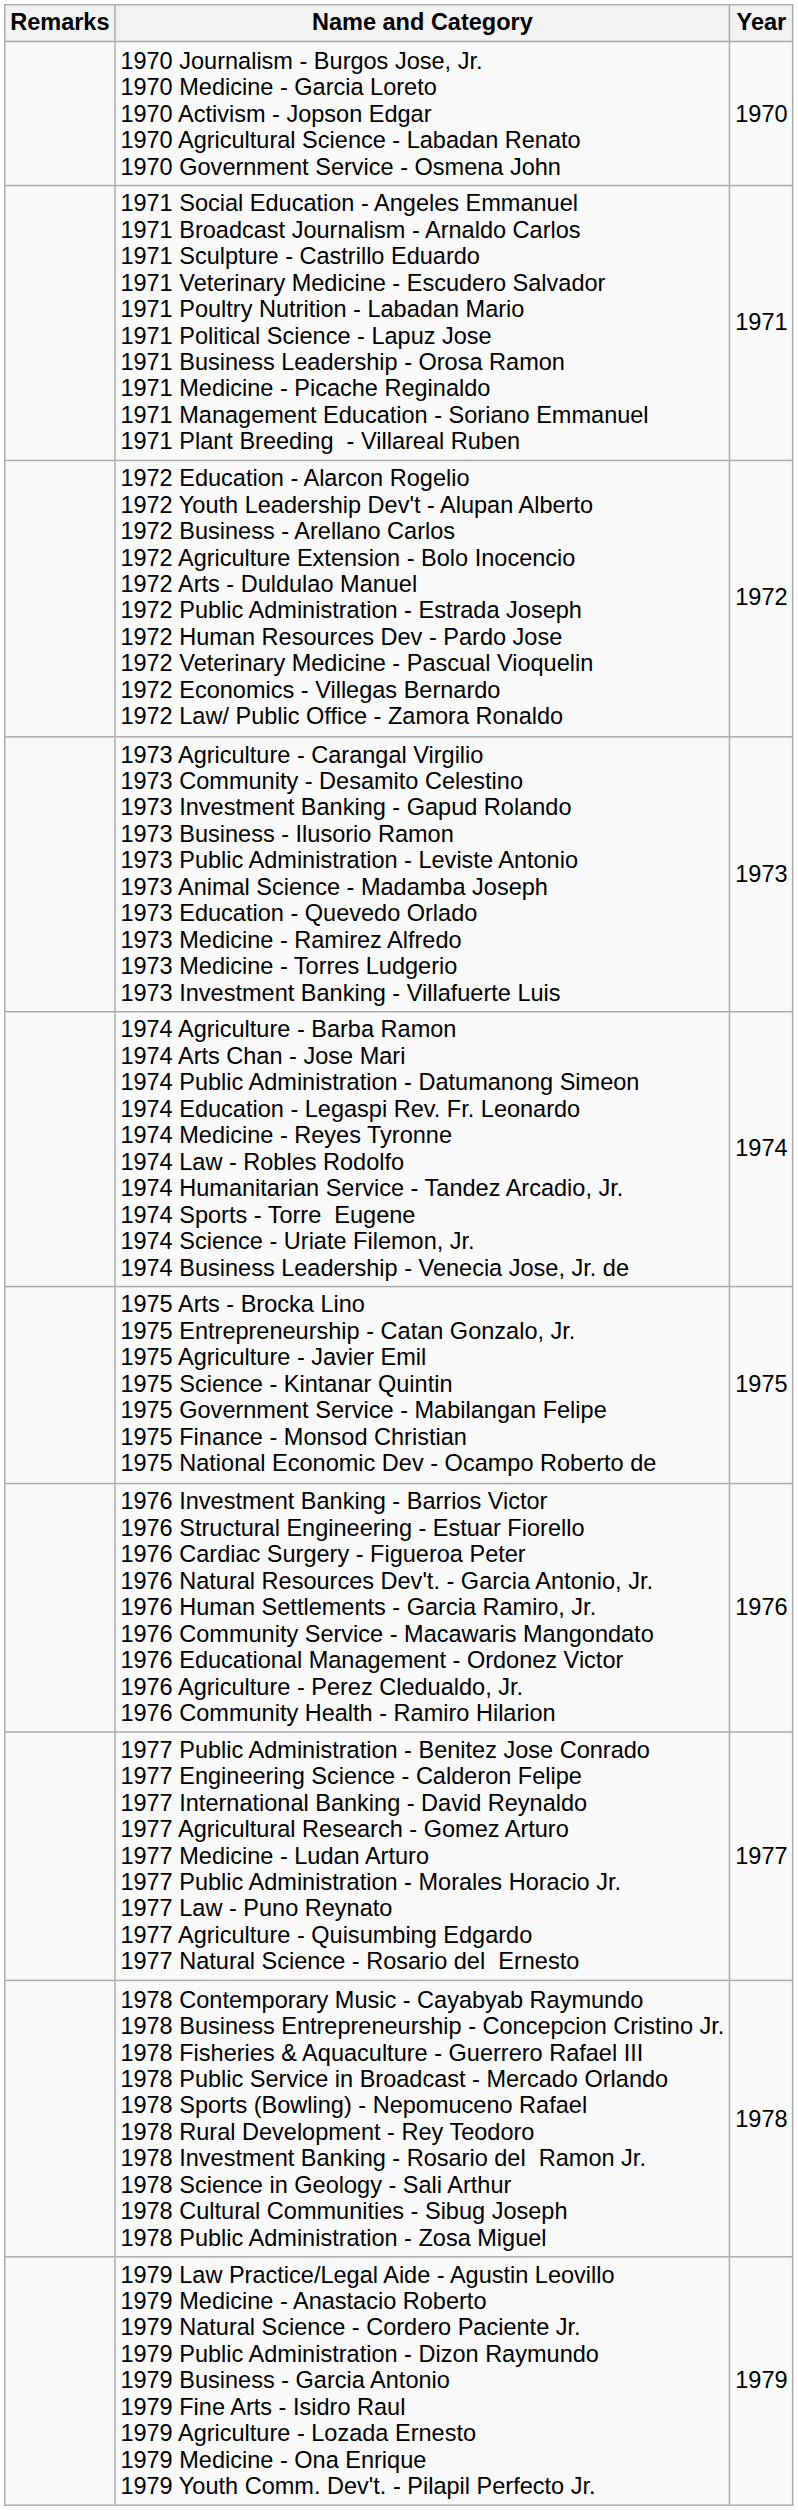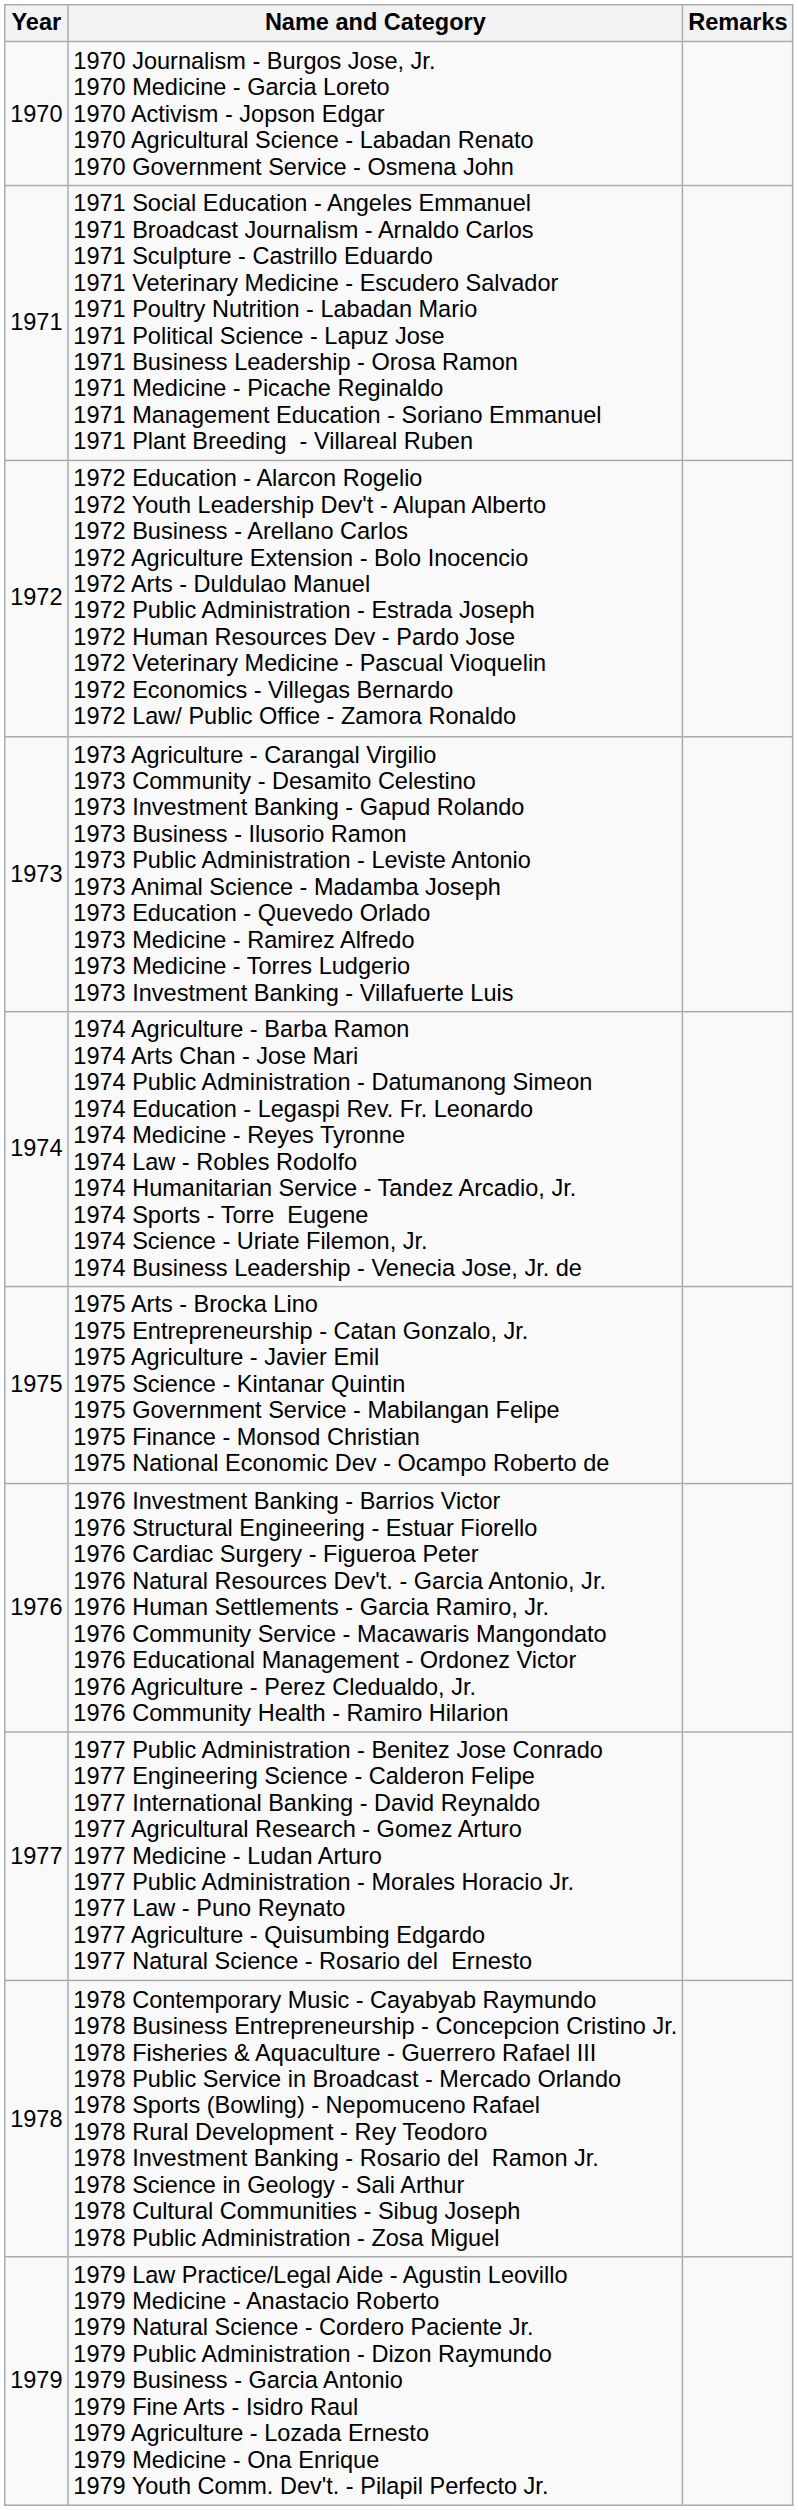 <table class="wikitable">
 <tr>
+<th>Year</th>
+<th>Name and Category</th>
 <th>Remarks</th>
-<th>Name and Category</th>
-<th>Year</th>
 </tr>
 <tr>
+<td>1970</td>
+<td>1970 Journalism - Burgos Jose, Jr.<br>1970 Medicine - Garcia Loreto<br>1970 Activism - Jopson Edgar<br>1970 Agricultural Science - Labadan Renato<br>1970 Government Service - Osmena John</td>
 <td></td>
-<td>1970 Journalism - Burgos Jose, Jr.<br>1970 Medicine - Garcia Loreto<br>1970 Activism - Jopson Edgar<br>1970 Agricultural Science - Labadan Renato<br>1970 Government Service - Osmena John</td>
-<td>1970</td>
 </tr>
 <tr>
+<td>1971</td>
+<td>1971 Social Education - Angeles Emmanuel<br>1971 Broadcast Journalism - Arnaldo Carlos<br>1971 Sculpture - Castrillo Eduardo<br>1971 Veterinary Medicine - Escudero Salvador<br>1971 Poultry Nutrition - Labadan Mario<br>1971 Political Science - Lapuz Jose<br>1971 Business Leadership - Orosa Ramon<br>1971 Medicine - Picache Reginaldo<br>1971 Management Education - Soriano Emmanuel<br>1971 Plant Breeding  - Villareal Ruben</td>
 <td></td>
-<td>1971 Social Education - Angeles Emmanuel<br>1971 Broadcast Journalism - Arnaldo Carlos<br>1971 Sculpture - Castrillo Eduardo<br>1971 Veterinary Medicine - Escudero Salvador<br>1971 Poultry Nutrition - Labadan Mario<br>1971 Political Science - Lapuz Jose<br>1971 Business Leadership - Orosa Ramon<br>1971 Medicine - Picache Reginaldo<br>1971 Management Education - Soriano Emmanuel<br>1971 Plant Breeding  - Villareal Ruben</td>
-<td>1971</td>
 </tr>
 <tr>
+<td>1972</td>
+<td>1972 Education - Alarcon Rogelio<br>1972 Youth Leadership Dev't - Alupan Alberto<br>1972 Business - Arellano Carlos<br>1972 Agriculture Extension - Bolo Inocencio<br>1972 Arts - Duldulao Manuel<br>1972 Public Administration - Estrada Joseph<br>1972 Human Resources Dev - Pardo Jose<br>1972 Veterinary Medicine - Pascual Vioquelin<br>1972 Economics - Villegas Bernardo<br>1972 Law/ Public Office - Zamora Ronaldo</td>
 <td></td>
-<td>1972 Education - Alarcon Rogelio<br>1972 Youth Leadership Dev't - Alupan Alberto<br>1972 Business - Arellano Carlos<br>1972 Agriculture Extension - Bolo Inocencio<br>1972 Arts - Duldulao Manuel<br>1972 Public Administration - Estrada Joseph<br>1972 Human Resources Dev - Pardo Jose<br>1972 Veterinary Medicine - Pascual Vioquelin<br>1972 Economics - Villegas Bernardo<br>1972 Law/ Public Office - Zamora Ronaldo</td>
-<td>1972</td>
 </tr>
 <tr>
+<td>1973</td>
+<td>1973 Agriculture - Carangal Virgilio<br>1973 Community - Desamito Celestino<br>1973 Investment Banking - Gapud Rolando<br>1973 Business - Ilusorio Ramon<br>1973 Public Administration - Leviste Antonio<br>1973 Animal Science - Madamba Joseph<br>1973 Education - Quevedo Orlado<br>1973 Medicine - Ramirez Alfredo<br>1973 Medicine - Torres Ludgerio<br>1973 Investment Banking - Villafuerte Luis </td>
 <td></td>
-<td>1973 Agriculture - Carangal Virgilio<br>1973 Community - Desamito Celestino<br>1973 Investment Banking - Gapud Rolando<br>1973 Business - Ilusorio Ramon<br>1973 Public Administration - Leviste Antonio<br>1973 Animal Science - Madamba Joseph<br>1973 Education - Quevedo Orlado<br>1973 Medicine - Ramirez Alfredo<br>1973 Medicine - Torres Ludgerio<br>1973 Investment Banking - Villafuerte Luis </td>
-<td>1973</td>
 </tr>
 <tr>
+<td>1974</td>
+<td>1974 Agriculture - Barba Ramon<br>1974 Arts Chan - Jose Mari<br>1974 Public Administration - Datumanong Simeon<br>1974 Education - Legaspi Rev. Fr. Leonardo<br>1974 Medicine - Reyes Tyronne<br>1974 Law - Robles Rodolfo<br>1974 Humanitarian Service - Tandez Arcadio, Jr.<br>1974 Sports - Torre  Eugene<br>1974 Science - Uriate Filemon, Jr.<br>1974 Business Leadership - Venecia Jose, Jr. de</td>
 <td></td>
-<td>1974 Agriculture - Barba Ramon<br>1974 Arts Chan - Jose Mari<br>1974 Public Administration - Datumanong Simeon<br>1974 Education - Legaspi Rev. Fr. Leonardo<br>1974 Medicine - Reyes Tyronne<br>1974 Law - Robles Rodolfo<br>1974 Humanitarian Service - Tandez Arcadio, Jr.<br>1974 Sports - Torre  Eugene<br>1974 Science - Uriate Filemon, Jr.<br>1974 Business Leadership - Venecia Jose, Jr. de</td>
-<td>1974</td>
 </tr>
 <tr>
+<td>1975</td>
+<td>1975 Arts - Brocka Lino<br>1975 Entrepreneurship - Catan Gonzalo, Jr.<br>1975 Agriculture - Javier Emil<br>1975 Science - Kintanar Quintin<br>1975 Government Service - Mabilangan Felipe<br>1975 Finance - Monsod Christian<br>1975 National Economic Dev - Ocampo Roberto de</td>
 <td></td>
-<td>1975 Arts - Brocka Lino<br>1975 Entrepreneurship - Catan Gonzalo, Jr.<br>1975 Agriculture - Javier Emil<br>1975 Science - Kintanar Quintin<br>1975 Government Service - Mabilangan Felipe<br>1975 Finance - Monsod Christian<br>1975 National Economic Dev - Ocampo Roberto de</td>
-<td>1975</td>
 </tr>
 <tr>
+<td>1976</td>
+<td>1976 Investment Banking - Barrios Victor<br>1976 Structural Engineering - Estuar Fiorello<br>1976 Cardiac Surgery - Figueroa Peter<br>1976 Natural Resources Dev't. - Garcia Antonio, Jr.<br>1976 Human Settlements - Garcia Ramiro, Jr.<br>1976 Community Service - Macawaris Mangondato<br>1976 Educational Management - Ordonez Victor<br>1976 Agriculture - Perez Cledualdo, Jr.<br>1976 Community Health - Ramiro Hilarion</td>
 <td></td>
-<td>1976 Investment Banking - Barrios Victor<br>1976 Structural Engineering - Estuar Fiorello<br>1976 Cardiac Surgery - Figueroa Peter<br>1976 Natural Resources Dev't. - Garcia Antonio, Jr.<br>1976 Human Settlements - Garcia Ramiro, Jr.<br>1976 Community Service - Macawaris Mangondato<br>1976 Educational Management - Ordonez Victor<br>1976 Agriculture - Perez Cledualdo, Jr.<br>1976 Community Health - Ramiro Hilarion</td>
-<td>1976</td>
 </tr>
 <tr>
+<td>1977</td>
+<td>1977 Public Administration - Benitez Jose Conrado<br>1977 Engineering Science - Calderon Felipe<br>1977 International Banking - David Reynaldo<br>1977 Agricultural Research - Gomez Arturo<br>1977 Medicine - Ludan Arturo<br>1977 Public Administration - Morales Horacio Jr.<br>1977 Law - Puno Reynato<br>1977 Agriculture - Quisumbing Edgardo<br>1977 Natural Science - Rosario del  Ernesto</td>
 <td></td>
-<td>1977 Public Administration - Benitez Jose Conrado<br>1977 Engineering Science - Calderon Felipe<br>1977 International Banking - David Reynaldo<br>1977 Agricultural Research - Gomez Arturo<br>1977 Medicine - Ludan Arturo<br>1977 Public Administration - Morales Horacio Jr.<br>1977 Law - Puno Reynato<br>1977 Agriculture - Quisumbing Edgardo<br>1977 Natural Science - Rosario del  Ernesto</td>
-<td>1977</td>
 </tr>
 <tr>
+<td>1978</td>
+<td>1978 Contemporary Music - Cayabyab Raymundo<br>1978 Business Entrepreneurship - Concepcion Cristino Jr.<br>1978 Fisheries & Aquaculture - Guerrero Rafael III<br>1978 Public Service in Broadcast - Mercado Orlando<br>1978 Sports (Bowling) - Nepomuceno Rafael<br>1978 Rural Development - Rey Teodoro<br>1978 Investment Banking - Rosario del  Ramon Jr.<br>1978 Science in Geology - Sali Arthur<br>1978 Cultural Communities - Sibug Joseph<br>1978 Public Administration - Zosa Miguel</td>
 <td></td>
-<td>1978 Contemporary Music - Cayabyab Raymundo<br>1978 Business Entrepreneurship - Concepcion Cristino Jr.<br>1978 Fisheries & Aquaculture - Guerrero Rafael III<br>1978 Public Service in Broadcast - Mercado Orlando<br>1978 Sports (Bowling) - Nepomuceno Rafael<br>1978 Rural Development - Rey Teodoro<br>1978 Investment Banking - Rosario del  Ramon Jr.<br>1978 Science in Geology - Sali Arthur<br>1978 Cultural Communities - Sibug Joseph<br>1978 Public Administration - Zosa Miguel</td>
-<td>1978</td>
 </tr>
 <tr>
+<td>1979</td>
+<td>1979 Law Practice/Legal Aide - Agustin Leovillo<br>1979 Medicine - Anastacio Roberto<br>1979 Natural Science - Cordero Paciente Jr.<br>1979 Public Administration - Dizon Raymundo<br>1979 Business - Garcia Antonio<br>1979 Fine Arts - Isidro Raul<br>1979 Agriculture - Lozada Ernesto<br>1979 Medicine - Ona Enrique<br>1979 Youth Comm. Dev't. - Pilapil Perfecto Jr.</td>
 <td></td>
-<td>1979 Law Practice/Legal Aide - Agustin Leovillo<br>1979 Medicine - Anastacio Roberto<br>1979 Natural Science - Cordero Paciente Jr.<br>1979 Public Administration - Dizon Raymundo<br>1979 Business - Garcia Antonio<br>1979 Fine Arts - Isidro Raul<br>1979 Agriculture - Lozada Ernesto<br>1979 Medicine - Ona Enrique<br>1979 Youth Comm. Dev't. - Pilapil Perfecto Jr.</td>
-<td>1979</td>
 </tr>
 </table>
